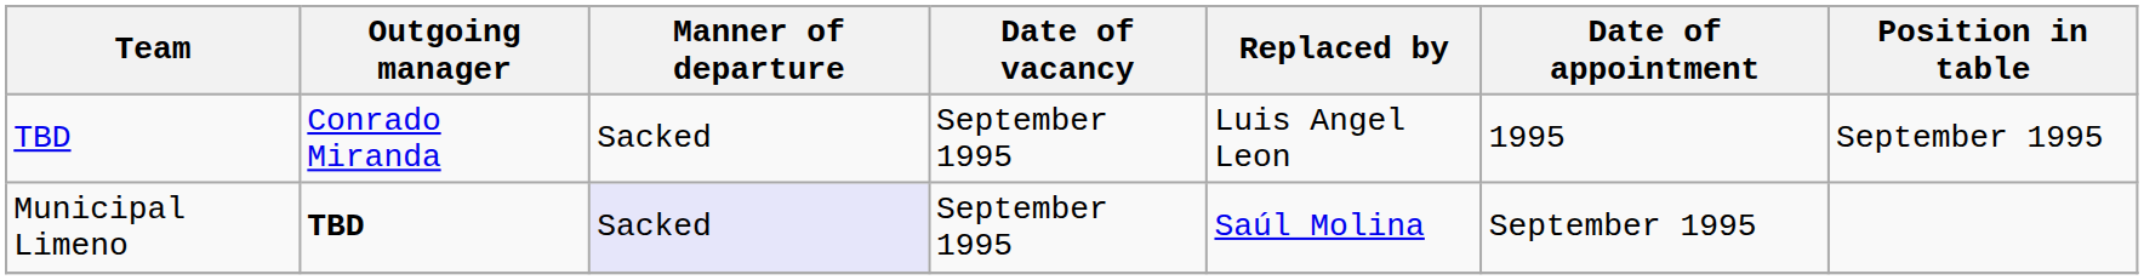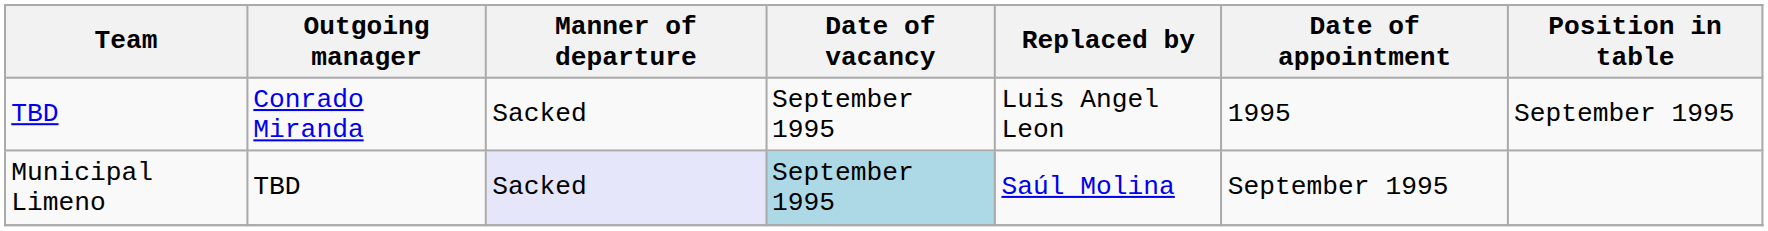 <table class="wikitable">
 <tr>
 <th>Team</th>
 <th>Outgoing manager</th>
 <th>Manner of departure</th>
 <th>Date of vacancy</th>
 <th>Replaced by</th>
 <th>Date of appointment</th>
 <th>Position in table</th>
 </tr>
 <tr>
 <td><a href='#'>TBD</a></td>
 <td> <a href='#'>Conrado Miranda</a></td>
 <td>Sacked</td>
 <td>September 1995</td>
 <td> Luis Angel Leon</td>
 <td>1995</td>
 <td>September 1995</td>
 </tr>
 <tr>
 <td>Municipal Limeno</td>
-<td><strong> TBD</strong></td>
+<td> TBD</td>
 <td style="background: lavender;">Sacked</td>
-<td>September 1995</td>
+<td style="background: lightblue;">September 1995</td>
 <td> <a href='#'>Saúl Molina</a></td>
 <td>September 1995</td>
 <td></td>
 </tr>
 <tr>
 </tr>
 </table>
